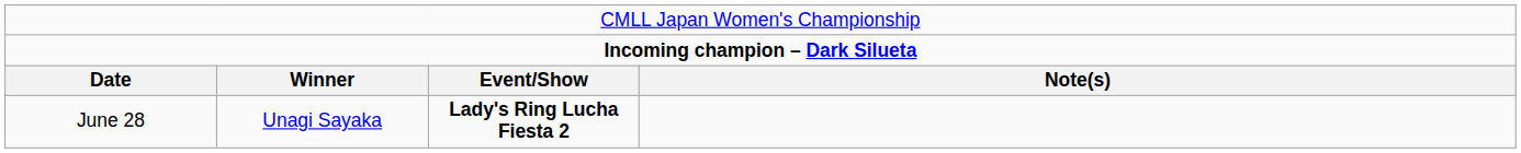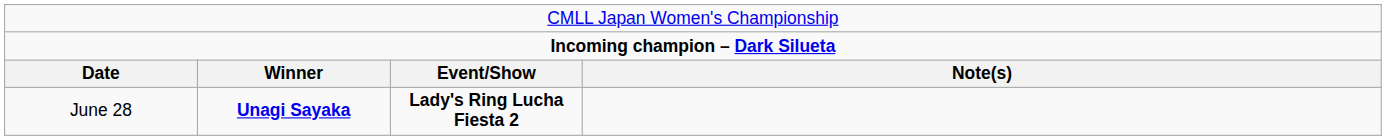 <table class="wikitable" style="text-align:center; width:100%;">
 <tr>
 <td colspan="4" style="text-align: center;"><a href='#'>CMLL Japan Women's Championship</a></td>
 </tr>
 <tr>
 <td colspan="4" style="text-align: center;"><strong>Incoming champion – <a href='#'>Dark Silueta</a></strong></td>
 </tr>
 <tr>
 <th width=14%>Date</th>
 <th width=14%>Winner</th>
 <th width=14%>Event/Show</th>
 <th width=58%>Note(s)</th>
 </tr>
 <tr>
 <td>June 28</td>
-<td><a href='#'>Unagi Sayaka</a></td>
+<td><strong><a href='#'>Unagi Sayaka</a></strong></td>
 <td><strong>Lady's Ring Lucha Fiesta 2</strong></td>
 <td></td>
 </tr>
 </table>
